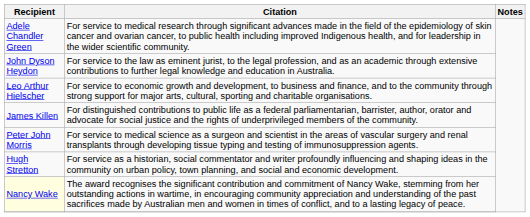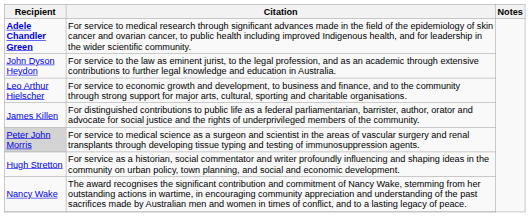 <table class="wikitable" style="font-size:95%;">
 <tr>
 <th>Recipient</th>
 <th>Citation</th>
 <th>Notes</th>
 </tr>
 <tr>
-<td> <a href='#'>Adele Chandler Green</a></td>
+<td><strong> <a href='#'>Adele Chandler Green</a></strong></td>
 <td>For service to medical research through significant advances made in the field of the epidemiology of skin cancer and ovarian cancer, to public health including improved Indigenous health, and for leadership in the wider scientific community.</td>
 <td rowspan="8"></td>
 </tr>
 <tr>
 <td> <a href='#'>John Dyson Heydon</a></td>
 <td>For service to the law as eminent jurist, to the legal profession, and as an academic through extensive contributions to further legal knowledge and education in Australia.</td>
 </tr>
 <tr>
 <td> <a href='#'>Leo Arthur Hielscher</a></td>
 <td>For service to economic growth and development, to business and finance, and to the community through strong support for major arts, cultural, sporting and charitable organisations.</td>
 </tr>
 <tr>
 <td> <a href='#'>James Killen</a></td>
 <td>For distinguished contributions to public life as a federal parliamentarian, barrister, author, orator and advocate for social justice and the rights of underprivileged members of the community.</td>
 </tr>
 <tr>
-<td> <a href='#'>Peter John Morris</a></td>
+<td style="background: lightgrey;"> <a href='#'>Peter John Morris</a></td>
 <td>For service to medical science as a surgeon and scientist in the areas of vascular surgery and renal transplants through developing tissue typing and testing of immunosuppression agents.</td>
 </tr>
 <tr>
 <td><a href='#'>Hugh Stretton</a></td>
 <td>For service as a historian, social commentator and writer profoundly influencing and shaping ideas in the community on urban policy, town planning, and social and economic development.</td>
 </tr>
 <tr>
-<td style="background: lightyellow;"><a href='#'>Nancy Wake</a></td>
+<td><a href='#'>Nancy Wake</a></td>
 <td>The award recognises the significant contribution and commitment of Nancy Wake, stemming from her outstanding actions in wartime, in encouraging community appreciation and understanding of the past sacrifices made by Australian men and women in times of conflict, and to a lasting legacy of peace.</td>
 </tr>
 <tr>
 </tr>
 </table>
